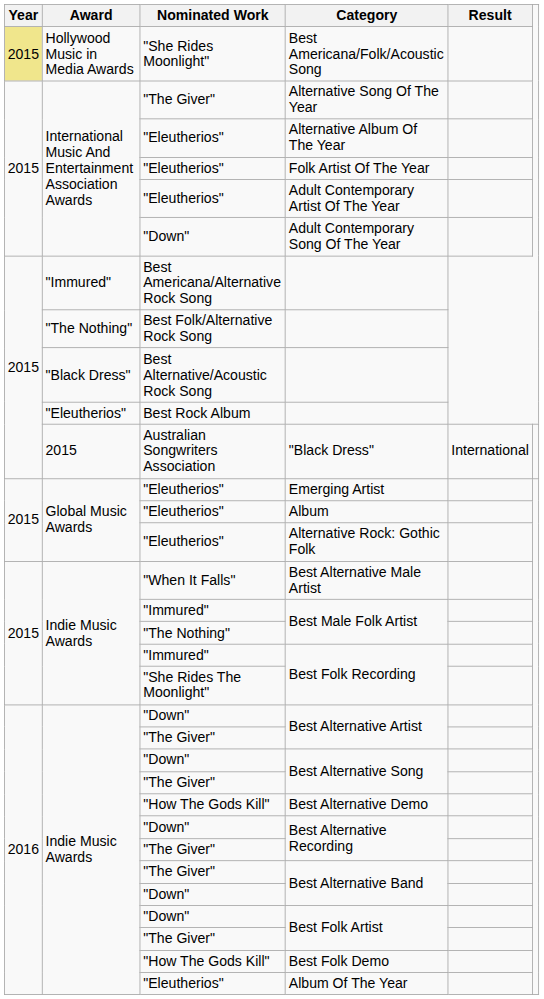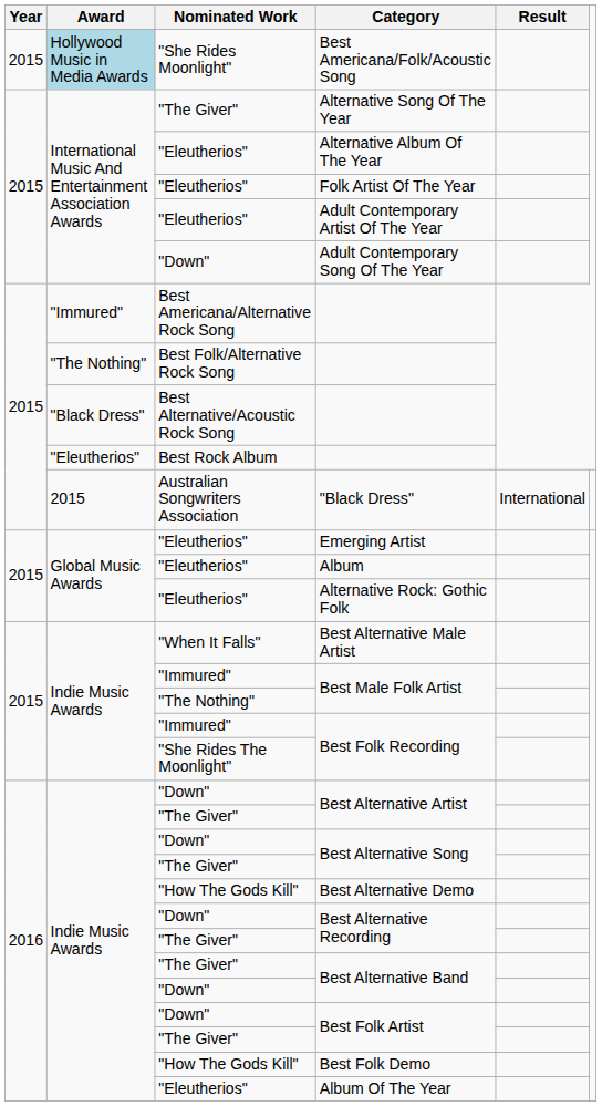 <table class="wikitable">
 <tr>
 <th>Year</th>
 <th>Award</th>
 <th>Nominated Work</th>
 <th>Category</th>
 <th>Result</th>
 </tr>
 <tr>
-<td style="background: khaki;">2015</td>
-<td>Hollywood Music in Media Awards</td>
+<td>2015</td>
+<td style="background: lightblue;">Hollywood Music in Media Awards</td>
 <td>"She Rides Moonlight"</td>
 <td>Best Americana/Folk/Acoustic Song</td>
 <td></td>
 </tr>
 <tr>
 <td rowspan="5">2015</td>
 <td rowspan="5">International Music And Entertainment Association Awards</td>
 <td>"The Giver"</td>
 <td>Alternative Song Of The Year</td>
 <td></td>
 </tr>
 <tr>
 <td>"Eleutherios"</td>
 <td>Alternative Album Of The Year</td>
 <td></td>
 </tr>
 <tr>
 <td>"Eleutherios"</td>
 <td>Folk Artist Of The Year</td>
 <td></td>
 </tr>
 <tr>
 <td>"Eleutherios"</td>
 <td>Adult Contemporary Artist Of The Year</td>
 <td></td>
 </tr>
 <tr>
 <td>"Down"</td>
 <td>Adult Contemporary Song Of The Year</td>
 <td></td>
 </tr>
 <tr>
 <td rowspan="5">2015</td>
 <td>"Immured"</td>
 <td>Best Americana/Alternative Rock Song</td>
 <td></td>
 </tr>
 <tr>
 <td>"The Nothing"</td>
 <td>Best Folk/Alternative Rock Song</td>
 <td></td>
 </tr>
 <tr>
 <td>"Black Dress"</td>
 <td>Best Alternative/Acoustic Rock Song</td>
 <td></td>
 </tr>
 <tr>
 <td>"Eleutherios"</td>
 <td>Best Rock Album</td>
 <td></td>
 </tr>
 <tr>
 <td rowspan="1">2015</td>
 <td rowspan="1">Australian Songwriters Association</td>
 <td>"Black Dress"</td>
 <td>International</td>
 <td></td>
 </tr>
 <tr>
 <td rowspan="3">2015</td>
 <td rowspan="3">Global Music Awards</td>
 <td>"Eleutherios"</td>
 <td>Emerging Artist</td>
 <td></td>
 </tr>
 <tr>
 <td>"Eleutherios"</td>
 <td>Album</td>
 <td></td>
 </tr>
 <tr>
 <td>"Eleutherios"</td>
 <td>Alternative Rock: Gothic Folk</td>
 <td></td>
 </tr>
 <tr>
 <td rowspan="5">2015</td>
 <td rowspan="5">Indie Music Awards</td>
 <td>"When It Falls"</td>
 <td>Best Alternative Male Artist</td>
 <td></td>
 </tr>
 <tr>
 <td>"Immured"</td>
 <td rowspan="2">Best Male Folk Artist</td>
 <td></td>
 </tr>
 <tr>
 <td>"The Nothing"</td>
 <td></td>
 </tr>
 <tr>
 <td>"Immured"</td>
 <td rowspan="2">Best Folk Recording</td>
 <td></td>
 </tr>
 <tr>
 <td>"She Rides The Moonlight"</td>
 <td></td>
 </tr>
 <tr>
 <td rowspan="13">2016</td>
 <td rowspan="13">Indie Music Awards</td>
 <td>"Down"</td>
 <td rowspan="2">Best Alternative Artist</td>
 <td></td>
 </tr>
 <tr>
 <td>"The Giver"</td>
 <td></td>
 </tr>
 <tr>
 <td>"Down"</td>
 <td rowspan="2">Best Alternative Song</td>
 <td></td>
 </tr>
 <tr>
 <td>"The Giver"</td>
 <td></td>
 </tr>
 <tr>
 <td>"How The Gods Kill"</td>
 <td>Best Alternative Demo</td>
 <td></td>
 </tr>
 <tr>
 <td>"Down"</td>
 <td rowspan="2">Best Alternative Recording</td>
 <td></td>
 </tr>
 <tr>
 <td>"The Giver"</td>
 <td></td>
 </tr>
 <tr>
 <td>"The Giver"</td>
 <td rowspan="2">Best Alternative Band</td>
 <td></td>
 </tr>
 <tr>
 <td>"Down"</td>
 <td></td>
 </tr>
 <tr>
 <td>"Down"</td>
 <td rowspan="2">Best Folk Artist</td>
 <td></td>
 </tr>
 <tr>
 <td>"The Giver"</td>
 <td></td>
 </tr>
 <tr>
 <td>"How The Gods Kill"</td>
 <td>Best Folk Demo</td>
 <td></td>
 </tr>
 <tr>
 <td>"Eleutherios"</td>
 <td>Album Of The Year</td>
 <td></td>
 </tr>
 </table>
